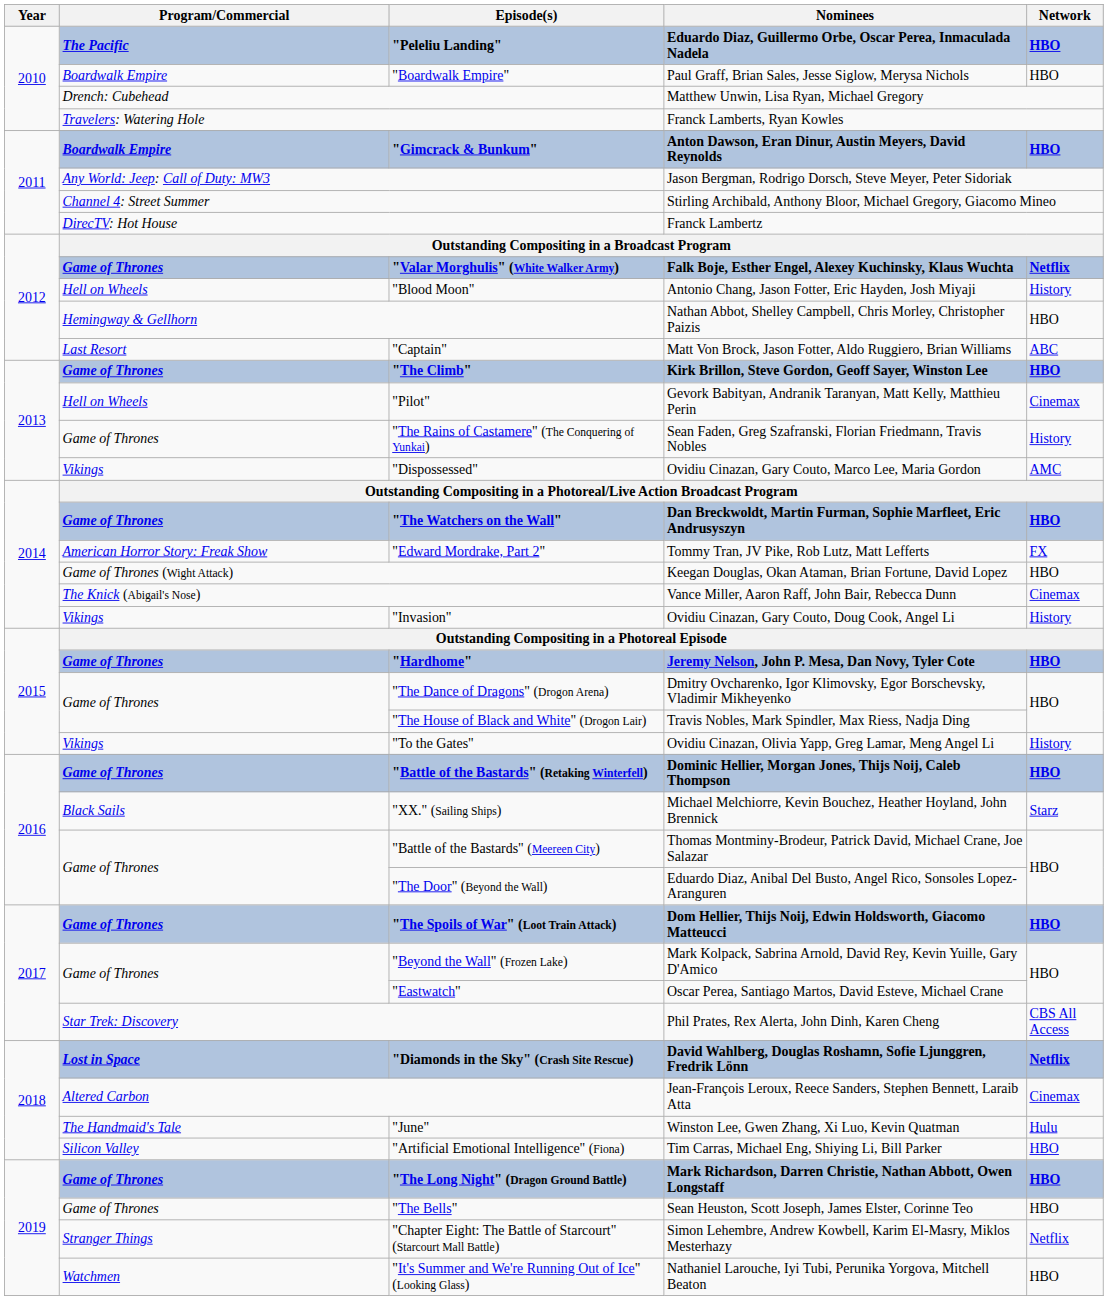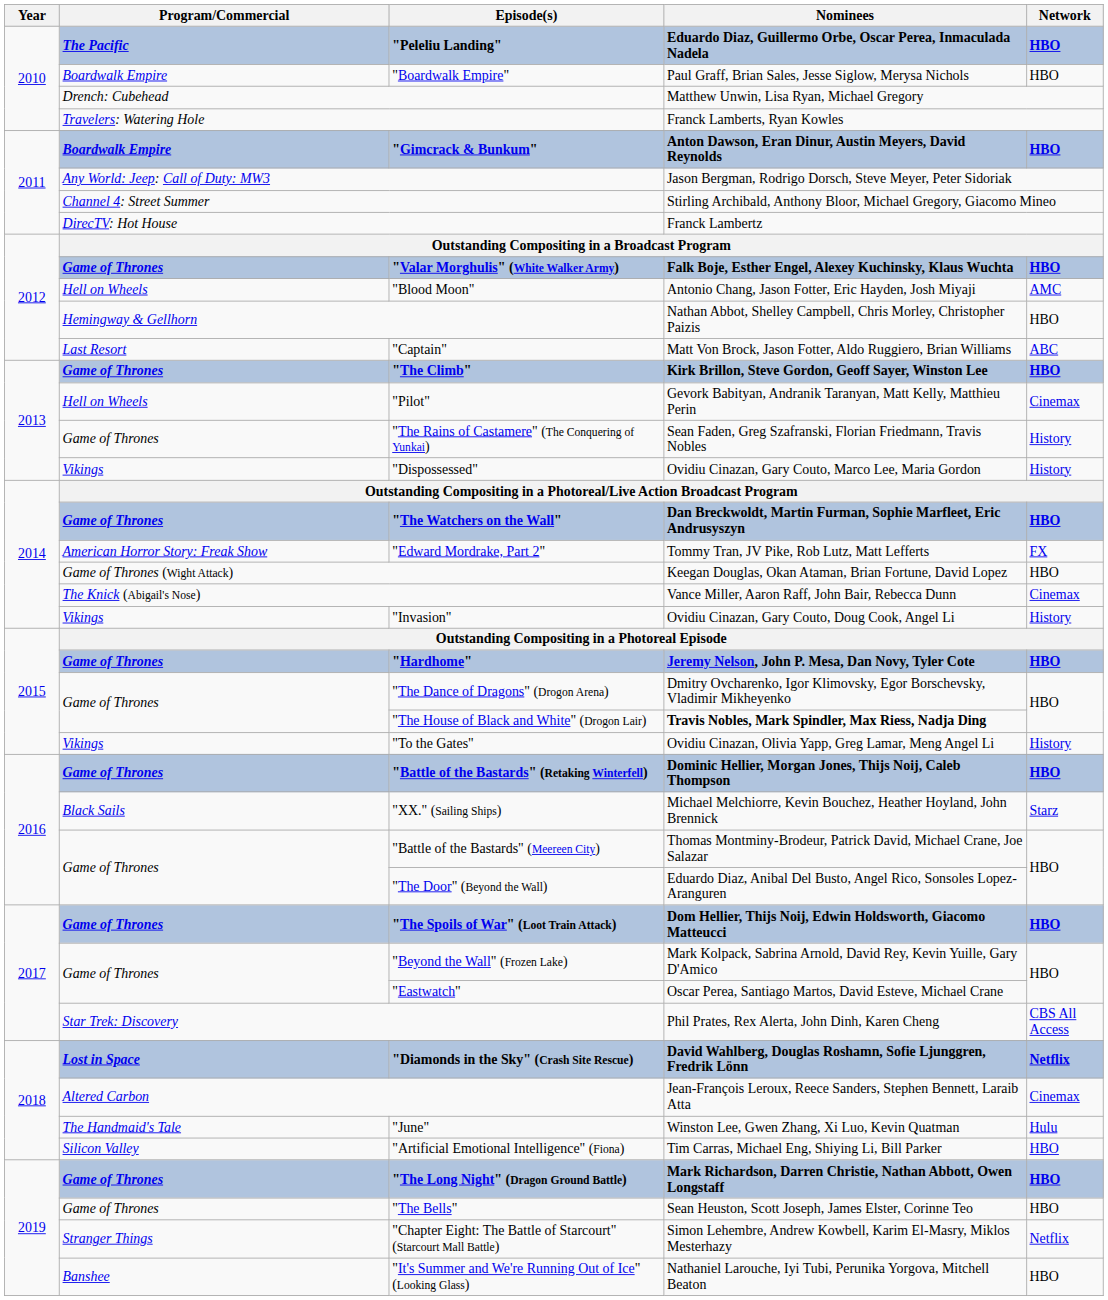 <table class="wikitable" style="width:100%">
 <tr bgcolor="#bebebe">
 <th width="5%">Year</th>
 <th width="30%">Program/Commercial</th>
 <th width="25%">Episode(s)</th>
 <th width="33%">Nominees</th>
 <th width="8%">Network</th>
 </tr>
 <tr>
 <td rowspan="4" style="text-align:center;"><a href='#'>2010</a><br></td>
 <td style="background:#B0C4DE;"><strong><em><a href='#'>The Pacific</a></em></strong></td>
 <td style="background:#B0C4DE;"><strong>"Peleliu Landing"</strong></td>
 <td style="background:#B0C4DE;"><strong>Eduardo Diaz, Guillermo Orbe, Oscar Perea, Inmaculada Nadela</strong></td>
 <td style="background:#B0C4DE;"><strong><a href='#'>HBO</a></strong></td>
 </tr>
 <tr>
 <td><em><a href='#'>Boardwalk Empire</a></em></td>
 <td>"<a href='#'>Boardwalk Empire</a>"</td>
 <td>Paul Graff, Brian Sales, Jesse Siglow, Merysa Nichols</td>
 <td>HBO</td>
 </tr>
 <tr>
 <td colspan="2"><em>Drench: Cubehead</em></td>
 <td colspan="2">Matthew Unwin, Lisa Ryan, Michael Gregory</td>
 </tr>
 <tr>
 <td colspan="2"><em><a href='#'>Travelers</a>: Watering Hole</em></td>
 <td colspan="2">Franck Lamberts, Ryan Kowles</td>
 </tr>
 <tr>
 <td rowspan="4" style="text-align:center;"><a href='#'>2011</a><br></td>
 <td style="background:#B0C4DE;"><strong><em><a href='#'>Boardwalk Empire</a></em></strong></td>
 <td style="background:#B0C4DE;"><strong>"<a href='#'>Gimcrack & Bunkum</a>"</strong></td>
 <td style="background:#B0C4DE;"><strong>Anton Dawson, Eran Dinur, Austin Meyers, David Reynolds</strong></td>
 <td style="background:#B0C4DE;"><strong><a href='#'>HBO</a></strong></td>
 </tr>
 <tr>
 <td colspan="2"><em><a href='#'>Any World: Jeep</a>: <a href='#'>Call of Duty: MW3</a></em></td>
 <td colspan="2">Jason Bergman, Rodrigo Dorsch, Steve Meyer, Peter Sidoriak</td>
 </tr>
 <tr>
 <td colspan="2"><em><a href='#'>Channel 4</a>: Street Summer</em></td>
 <td colspan="2">Stirling Archibald, Anthony Bloor, Michael Gregory, Giacomo Mineo</td>
 </tr>
 <tr>
 <td colspan="2"><em><a href='#'>DirecTV</a>: Hot House</em></td>
 <td colspan="2">Franck Lambertz</td>
 </tr>
 <tr>
 <td rowspan="5" style="text-align:center;"><a href='#'>2012</a><br></td>
 <th colspan="4">Outstanding Compositing in a Broadcast Program</th>
 </tr>
 <tr>
 <td style="background:#B0C4DE;"><strong><em><a href='#'>Game of Thrones</a></em></strong></td>
 <td style="background:#B0C4DE;"><strong>"<a href='#'>Valar Morghulis</a>" (<small><a href='#'>White Walker Army</a></small>)</strong></td>
 <td style="background:#B0C4DE;"><strong>Falk Boje, Esther Engel, Alexey Kuchinsky, Klaus Wuchta</strong></td>
-<td style="background:#B0C4DE;"><strong><a href='#'>Netflix</a></strong></td>
+<td style="background:#B0C4DE;"><strong><a href='#'>HBO</a></strong></td>
 </tr>
 <tr>
 <td><em><a href='#'>Hell on Wheels</a></em></td>
 <td>"Blood Moon"</td>
 <td>Antonio Chang, Jason Fotter, Eric Hayden, Josh Miyaji</td>
-<td><a href='#'>History</a></td>
+<td><a href='#'>AMC</a></td>
 </tr>
 <tr>
 <td colspan="2'"><em><a href='#'>Hemingway & Gellhorn</a></em></td>
 <td>Nathan Abbot, Shelley Campbell, Chris Morley, Christopher Paizis</td>
 <td>HBO</td>
 </tr>
 <tr>
 <td><em><a href='#'>Last Resort</a></em></td>
 <td>"Captain"</td>
 <td>Matt Von Brock, Jason Fotter, Aldo Ruggiero, Brian Williams</td>
 <td><a href='#'>ABC</a></td>
 </tr>
 <tr>
 <td rowspan="4" style="text-align:center;"><a href='#'>2013</a><br></td>
 <td style="background:#B0C4DE;"><strong><em><a href='#'>Game of Thrones</a></em></strong></td>
 <td style="background:#B0C4DE;"><strong>"<a href='#'>The Climb</a>"</strong></td>
 <td style="background:#B0C4DE;"><strong>Kirk Brillon, Steve Gordon, Geoff Sayer, Winston Lee</strong></td>
 <td style="background:#B0C4DE;"><strong><a href='#'>HBO</a></strong></td>
 </tr>
 <tr>
 <td><em><a href='#'>Hell on Wheels</a></em></td>
 <td>"Pilot"</td>
 <td>Gevork Babityan, Andranik Taranyan, Matt Kelly, Matthieu Perin</td>
 <td><a href='#'>Cinemax</a></td>
 </tr>
 <tr>
 <td><em>Game of Thrones</em></td>
 <td>"<a href='#'>The Rains of Castamere</a>" (<small>The Conquering of <a href='#'>Yunkai</a></small>)</td>
 <td>Sean Faden, Greg Szafranski, Florian Friedmann, Travis Nobles</td>
 <td><a href='#'>History</a></td>
 </tr>
 <tr>
 <td><em><a href='#'>Vikings</a></em></td>
 <td>"Dispossessed"</td>
 <td>Ovidiu Cinazan, Gary Couto, Marco Lee, Maria Gordon</td>
-<td><a href='#'>AMC</a></td>
+<td><a href='#'>History</a></td>
 </tr>
 <tr>
 <td rowspan="6" style="text-align:center;"><a href='#'>2014</a><br></td>
 <th colspan="4">Outstanding Compositing in a Photoreal/Live Action Broadcast Program</th>
 </tr>
 <tr>
 <td style="background:#B0C4DE;"><strong><em><a href='#'>Game of Thrones</a></em></strong></td>
 <td style="background:#B0C4DE;"><strong>"<a href='#'>The Watchers on the Wall</a>"</strong></td>
 <td style="background:#B0C4DE;"><strong>Dan Breckwoldt, Martin Furman, Sophie Marfleet, Eric Andrusyszyn</strong></td>
 <td style="background:#B0C4DE;"><strong><a href='#'>HBO</a></strong></td>
 </tr>
 <tr>
 <td><em><a href='#'>American Horror Story: Freak Show</a></em></td>
 <td>"<a href='#'>Edward Mordrake, Part 2</a>"</td>
 <td>Tommy Tran, JV Pike, Rob Lutz, Matt Lefferts</td>
 <td><a href='#'>FX</a></td>
 </tr>
 <tr>
 <td colspan="2"><em>Game of Thrones</em> (<small>Wight Attack</small>)</td>
 <td>Keegan Douglas, Okan Ataman, Brian Fortune, David Lopez</td>
 <td>HBO</td>
 </tr>
 <tr>
 <td colspan="2'"><em><a href='#'>The Knick</a></em> (<small>Abigail's Nose</small>)</td>
 <td>Vance Miller, Aaron Raff, John Bair, Rebecca Dunn</td>
 <td><a href='#'>Cinemax</a></td>
 </tr>
 <tr>
 <td><em><a href='#'>Vikings</a></em></td>
 <td>"Invasion"</td>
 <td>Ovidiu Cinazan, Gary Couto, Doug Cook, Angel Li</td>
 <td><a href='#'>History</a></td>
 </tr>
 <tr>
 <td rowspan="5" style="text-align:center;"><a href='#'>2015</a><br></td>
 <th colspan="4">Outstanding Compositing in a Photoreal Episode</th>
 </tr>
 <tr>
 <td style="background:#B0C4DE;"><strong><em><a href='#'>Game of Thrones</a></em></strong></td>
 <td style="background:#B0C4DE;"><strong>"<a href='#'>Hardhome</a>"</strong></td>
 <td style="background:#B0C4DE;"><strong><a href='#'>Jeremy Nelson</a>, John P. Mesa, Dan Novy, Tyler Cote</strong></td>
 <td style="background:#B0C4DE;"><strong><a href='#'>HBO</a></strong></td>
 </tr>
 <tr>
 <td rowspan="2"><em>Game of Thrones</em></td>
 <td>"<a href='#'>The Dance of Dragons</a>" (<small>Drogon Arena</small>)</td>
 <td>Dmitry Ovcharenko, Igor Klimovsky, Egor Borschevsky, Vladimir Mikheyenko</td>
 <td rowspan="2">HBO</td>
 </tr>
 <tr>
 <td>"<a href='#'>The House of Black and White</a>" (<small>Drogon Lair</small>)</td>
-<td>Travis Nobles, Mark Spindler, Max Riess, Nadja Ding</td>
+<td><strong>Travis Nobles, Mark Spindler, Max Riess, Nadja Ding</strong></td>
 </tr>
 <tr>
 <td><em><a href='#'>Vikings</a></em></td>
 <td>"To the Gates"</td>
 <td>Ovidiu Cinazan, Olivia Yapp, Greg Lamar, Meng Angel Li</td>
 <td><a href='#'>History</a></td>
 </tr>
 <tr>
 <td rowspan="4" style="text-align:center;"><a href='#'>2016</a><br></td>
 <td style="background:#B0C4DE;"><strong><em><a href='#'>Game of Thrones</a></em></strong></td>
 <td style="background:#B0C4DE;"><strong>"<a href='#'>Battle of the Bastards</a>" (<small>Retaking <a href='#'>Winterfell</a></small>)</strong></td>
 <td style="background:#B0C4DE;"><strong>Dominic Hellier, Morgan Jones, Thijs Noij, Caleb Thompson</strong></td>
 <td style="background:#B0C4DE;"><strong><a href='#'>HBO</a></strong></td>
 </tr>
 <tr>
 <td><em><a href='#'>Black Sails</a></em></td>
 <td>"XX." (<small>Sailing Ships</small>)</td>
 <td>Michael Melchiorre, Kevin Bouchez, Heather Hoyland, John Brennick</td>
 <td><a href='#'>Starz</a></td>
 </tr>
 <tr>
 <td rowspan="2"><em>Game of Thrones</em></td>
 <td>"Battle of the Bastards" (<small><a href='#'>Meereen City</a></small>)</td>
 <td>Thomas Montminy-Brodeur, Patrick David, Michael Crane, Joe Salazar</td>
 <td rowspan="2">HBO</td>
 </tr>
 <tr>
 <td>"<a href='#'>The Door</a>" (<small>Beyond the Wall</small>)</td>
 <td>Eduardo Diaz, Anibal Del Busto, Angel Rico, Sonsoles Lopez-Aranguren</td>
 </tr>
 <tr>
 <td rowspan="4" style="text-align:center;"><a href='#'>2017</a><br></td>
 <td style="background:#B0C4DE;"><strong><em><a href='#'>Game of Thrones</a></em></strong></td>
 <td style="background:#B0C4DE;"><strong>"<a href='#'>The Spoils of War</a>" (<small>Loot Train Attack</small>)</strong></td>
 <td style="background:#B0C4DE;"><strong>Dom Hellier, Thijs Noij, Edwin Holdsworth, Giacomo Matteucci</strong></td>
 <td style="background:#B0C4DE;"><strong><a href='#'>HBO</a></strong></td>
 </tr>
 <tr>
 <td rowspan="2"><em>Game of Thrones</em></td>
 <td>"<a href='#'>Beyond the Wall</a>" (<small>Frozen Lake</small>)</td>
 <td>Mark Kolpack, Sabrina Arnold, David Rey, Kevin Yuille, Gary D'Amico</td>
 <td rowspan="2">HBO</td>
 </tr>
 <tr>
 <td>"<a href='#'>Eastwatch</a>"</td>
 <td>Oscar Perea, Santiago Martos, David Esteve, Michael Crane</td>
 </tr>
 <tr>
 <td colspan="2"><em><a href='#'>Star Trek: Discovery</a></em></td>
 <td>Phil Prates, Rex Alerta, John Dinh, Karen Cheng</td>
 <td><a href='#'>CBS All Access</a></td>
 </tr>
 <tr>
 <td rowspan="4" style="text-align:center;"><a href='#'>2018</a><br></td>
 <td style="background:#B0C4DE;"><strong><em><a href='#'>Lost in Space</a></em></strong></td>
 <td style="background:#B0C4DE;"><strong>"Diamonds in the Sky" (<small>Crash Site Rescue</small>)</strong></td>
 <td style="background:#B0C4DE;"><strong>David Wahlberg, Douglas Roshamn, Sofie Ljunggren, Fredrik Lönn</strong></td>
 <td style="background:#B0C4DE;"><strong><a href='#'>Netflix</a></strong></td>
 </tr>
 <tr>
 <td colspan="2"><em><a href='#'>Altered Carbon</a></em></td>
 <td>Jean-François Leroux, Reece Sanders, Stephen Bennett, Laraib Atta</td>
 <td><a href='#'>Cinemax</a></td>
 </tr>
 <tr>
 <td><em><a href='#'>The Handmaid's Tale</a></em></td>
 <td>"June"</td>
 <td>Winston Lee, Gwen Zhang, Xi Luo, Kevin Quatman</td>
 <td><a href='#'>Hulu</a></td>
 </tr>
 <tr>
 <td><em><a href='#'>Silicon Valley</a></em></td>
 <td>"Artificial Emotional Intelligence" (<small>Fiona</small>)</td>
 <td>Tim Carras, Michael Eng, Shiying Li, Bill Parker</td>
 <td><a href='#'>HBO</a></td>
 </tr>
 <tr>
 <td rowspan="6" style="text-align:center;"><a href='#'>2019</a><br></td>
 <td style="background:#B0C4DE;"><strong><em><a href='#'>Game of Thrones</a></em></strong></td>
 <td style="background:#B0C4DE;"><strong>"<a href='#'>The Long Night</a>" (<small>Dragon Ground Battle</small>)</strong></td>
 <td style="background:#B0C4DE;"><strong>Mark Richardson, Darren Christie, Nathan Abbott, Owen Longstaff</strong></td>
 <td style="background:#B0C4DE;"><strong><a href='#'>HBO</a></strong></td>
 </tr>
 <tr>
 <td><em>Game of Thrones</em></td>
 <td>"<a href='#'>The Bells</a>"</td>
 <td>Sean Heuston, Scott Joseph, James Elster, Corinne Teo</td>
 <td>HBO</td>
 </tr>
 <tr>
 <td><em><a href='#'>Stranger Things</a></em></td>
 <td>"Chapter Eight: The Battle of Starcourt" (<small>Starcourt Mall Battle</small>)</td>
 <td>Simon Lehembre, Andrew Kowbell, Karim El-Masry, Miklos Mesterhazy</td>
 <td><a href='#'>Netflix</a></td>
 </tr>
 <tr>
-<td><em><a href='#'>Watchmen</a></em></td>
+<td><em><a href='#'>Banshee</a></em></td>
 <td>"<a href='#'>It's Summer and We're Running Out of Ice</a>" (<small>Looking Glass</small>)</td>
 <td>Nathaniel Larouche, Iyi Tubi, Perunika Yorgova, Mitchell Beaton</td>
 <td>HBO</td>
 </tr>
 </table>
